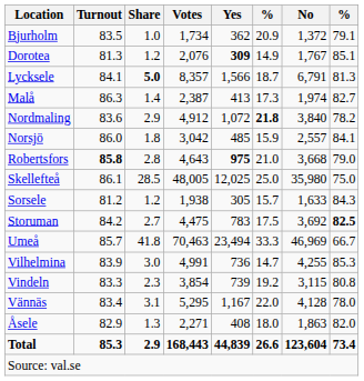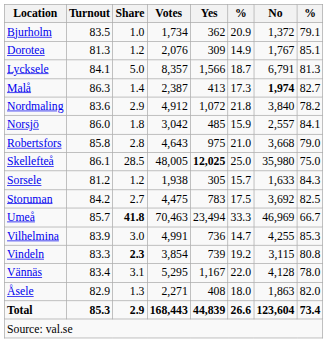 <table class="wikitable sortable" style=text-align:right>
 <tr>
 <th>Location</th>
 <th>Turnout</th>
 <th>Share</th>
 <th>Votes</th>
 <th>Yes</th>
 <th>%</th>
 <th>No</th>
 <th>%</th>
 </tr>
 <tr>
 <td align=left><a href='#'>Bjurholm</a></td>
 <td>83.5</td>
 <td>1.0</td>
 <td>1,734</td>
 <td>362</td>
 <td>20.9</td>
 <td>1,372</td>
 <td>79.1</td>
 </tr>
 <tr>
 <td align=left><a href='#'>Dorotea</a></td>
 <td>81.3</td>
 <td>1.2</td>
 <td>2,076</td>
-<td><strong>309</strong></td>
+<td>309</td>
 <td>14.9</td>
 <td>1,767</td>
 <td>85.1</td>
 </tr>
 <tr>
 <td align=left><a href='#'>Lycksele</a></td>
 <td>84.1</td>
-<td><strong>5.0</strong></td>
+<td>5.0</td>
 <td>8,357</td>
 <td>1,566</td>
 <td>18.7</td>
 <td>6,791</td>
 <td>81.3</td>
 </tr>
 <tr>
 <td align=left><a href='#'>Malå</a></td>
 <td>86.3</td>
 <td>1.4</td>
 <td>2,387</td>
 <td>413</td>
 <td>17.3</td>
-<td>1,974</td>
+<td><strong>1,974</strong></td>
 <td>82.7</td>
 </tr>
 <tr>
 <td align=left><a href='#'>Nordmaling</a></td>
 <td>83.6</td>
 <td>2.9</td>
 <td>4,912</td>
 <td>1,072</td>
-<td><strong>21.8</strong></td>
+<td>21.8</td>
 <td>3,840</td>
 <td>78.2</td>
 </tr>
 <tr>
 <td align=left><a href='#'>Norsjö</a></td>
 <td>86.0</td>
 <td>1.8</td>
 <td>3,042</td>
 <td>485</td>
 <td>15.9</td>
 <td>2,557</td>
 <td>84.1</td>
 </tr>
 <tr>
 <td align=left><a href='#'>Robertsfors</a></td>
-<td><strong>85.8</strong></td>
+<td>85.8</td>
 <td>2.8</td>
 <td>4,643</td>
-<td><strong>975</strong></td>
+<td>975</td>
 <td>21.0</td>
 <td>3,668</td>
 <td>79.0</td>
 </tr>
 <tr>
 <td align=left><a href='#'>Skellefteå</a></td>
 <td>86.1</td>
 <td>28.5</td>
 <td>48,005</td>
-<td>12,025</td>
+<td><strong>12,025</strong></td>
 <td>25.0</td>
 <td>35,980</td>
 <td>75.0</td>
 </tr>
 <tr>
 <td align=left><a href='#'>Sorsele</a></td>
 <td>81.2</td>
 <td>1.2</td>
 <td>1,938</td>
 <td>305</td>
 <td>15.7</td>
 <td>1,633</td>
 <td>84.3</td>
 </tr>
 <tr>
 <td align=left><a href='#'>Storuman</a></td>
 <td>84.2</td>
 <td>2.7</td>
 <td>4,475</td>
 <td>783</td>
 <td>17.5</td>
 <td>3,692</td>
-<td><strong>82.5</strong></td>
+<td>82.5</td>
 </tr>
 <tr>
 <td align=left><a href='#'>Umeå</a></td>
 <td>85.7</td>
-<td>41.8</td>
+<td><strong>41.8</strong></td>
 <td>70,463</td>
 <td>23,494</td>
 <td>33.3</td>
 <td>46,969</td>
 <td>66.7</td>
 </tr>
 <tr>
 <td align=left><a href='#'>Vilhelmina</a></td>
 <td>83.9</td>
 <td>3.0</td>
 <td>4,991</td>
 <td>736</td>
 <td>14.7</td>
 <td>4,255</td>
 <td>85.3</td>
 </tr>
 <tr>
 <td align=left><a href='#'>Vindeln</a></td>
 <td>83.3</td>
-<td>2.3</td>
+<td><strong>2.3</strong></td>
 <td>3,854</td>
 <td>739</td>
 <td>19.2</td>
 <td>3,115</td>
 <td>80.8</td>
 </tr>
 <tr>
 <td align=left><a href='#'>Vännäs</a></td>
 <td>83.4</td>
 <td>3.1</td>
 <td>5,295</td>
 <td>1,167</td>
 <td>22.0</td>
 <td>4,128</td>
 <td>78.0</td>
 </tr>
 <tr>
 <td align=left><a href='#'>Åsele</a></td>
 <td>82.9</td>
 <td>1.3</td>
 <td>2,271</td>
 <td>408</td>
 <td>18.0</td>
 <td>1,863</td>
 <td>82.0</td>
 </tr>
 <tr>
 <td align=left><strong>Total</strong></td>
 <td><strong>85.3</strong></td>
 <td><strong>2.9</strong></td>
 <td><strong>168,443</strong></td>
 <td><strong>44,839</strong></td>
 <td><strong>26.6</strong></td>
 <td><strong>123,604</strong></td>
 <td><strong>73.4</strong></td>
 </tr>
 <tr>
 <td align=left colspan=8>Source: val.se </td>
 </tr>
 </table>
